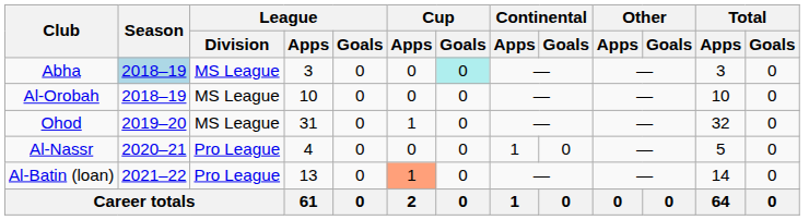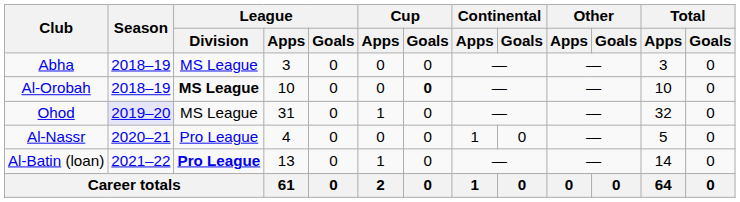 <table class="wikitable" style="text-align: center">
 <tr>
 <th rowspan="2">Club</th>
 <th rowspan="2">Season</th>
 <th colspan="3">League</th>
 <th colspan="2">Cup</th>
 <th colspan="2">Continental</th>
 <th colspan="2">Other</th>
 <th colspan="2">Total</th>
 </tr>
 <tr>
 <th>Division</th>
 <th>Apps</th>
 <th>Goals</th>
 <th>Apps</th>
 <th>Goals</th>
 <th>Apps</th>
 <th>Goals</th>
 <th>Apps</th>
 <th>Goals</th>
 <th>Apps</th>
 <th>Goals</th>
 </tr>
 <tr>
 <td rowspan=1><a href='#'>Abha</a></td>
-<td style="background: lightblue;"><a href='#'>2018–19</a></td>
+<td><a href='#'>2018–19</a></td>
 <td><a href='#'>MS League</a></td>
 <td>3</td>
 <td>0</td>
 <td>0</td>
-<td style="background: paleturquoise;">0</td>
+<td>0</td>
 <td colspan=2>—</td>
 <td colspan=2>—</td>
 <td>3</td>
 <td>0</td>
 </tr>
 <tr>
 <td rowspan=1><a href='#'>Al-Orobah</a></td>
 <td><a href='#'>2018–19</a></td>
-<td>MS League</td>
+<td><strong>MS League</strong></td>
 <td>10</td>
 <td>0</td>
 <td>0</td>
-<td>0</td>
+<td><strong>0</strong></td>
 <td colspan=2>—</td>
 <td colspan=2>—</td>
 <td>10</td>
 <td>0</td>
 </tr>
 <tr>
 <td rowspan=1><a href='#'>Ohod</a></td>
-<td><a href='#'>2019–20</a></td>
+<td style="background: lavender;"><a href='#'>2019–20</a></td>
 <td>MS League</td>
 <td>31</td>
 <td>0</td>
 <td>1</td>
 <td>0</td>
 <td colspan=2>—</td>
 <td colspan=2>—</td>
 <td>32</td>
 <td>0</td>
 </tr>
 <tr>
 <td rowspan=1><a href='#'>Al-Nassr</a></td>
 <td><a href='#'>2020–21</a></td>
 <td><a href='#'>Pro League</a></td>
 <td>4</td>
 <td>0</td>
 <td>0</td>
 <td>0</td>
 <td>1</td>
 <td>0</td>
 <td colspan=2>—</td>
 <td>5</td>
 <td>0</td>
 </tr>
 <tr>
 <td rowspan=1><a href='#'>Al-Batin</a> (loan)</td>
 <td><a href='#'>2021–22</a></td>
-<td><a href='#'>Pro League</a></td>
+<td><strong><a href='#'>Pro League</a></strong></td>
 <td>13</td>
 <td>0</td>
-<td style="background: lightsalmon;">1</td>
+<td>1</td>
 <td>0</td>
 <td colspan=2>—</td>
 <td colspan=2>—</td>
 <td>14</td>
 <td>0</td>
 </tr>
 <tr>
 <th colspan=3>Career totals</th>
 <th>61</th>
 <th>0</th>
 <th>2</th>
 <th>0</th>
 <th>1</th>
 <th>0</th>
 <th>0</th>
 <th>0</th>
 <th>64</th>
 <th>0</th>
 </tr>
 </table>
